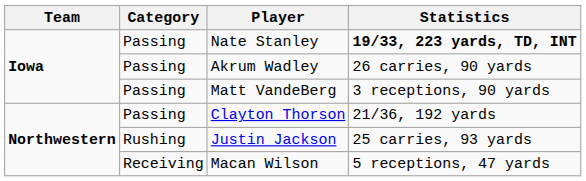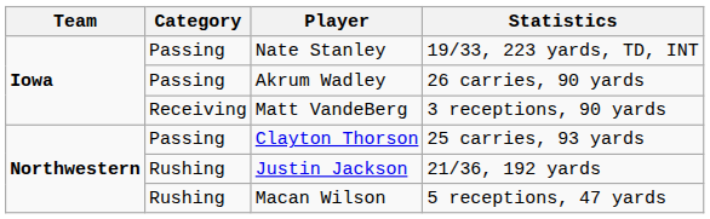 <table class="wikitable" style="float: left;">
 <tr>
 <th>Team</th>
 <th>Category</th>
 <th>Player</th>
 <th>Statistics</th>
 </tr>
 <tr>
 <td rowspan=3><strong>Iowa</strong></td>
 <td>Passing</td>
 <td>Nate Stanley</td>
-<td><strong>19/33, 223 yards, TD, INT</strong></td>
+<td>19/33, 223 yards, TD, INT</td>
 </tr>
 <tr>
 <td>Passing</td>
 <td>Akrum Wadley</td>
 <td>26 carries, 90 yards</td>
 </tr>
 <tr>
-<td>Passing</td>
+<td>Receiving</td>
 <td>Matt VandeBerg</td>
 <td>3 receptions, 90 yards</td>
 </tr>
 <tr>
 <td rowspan=3><strong>Northwestern</strong></td>
 <td>Passing</td>
 <td><a href='#'>Clayton Thorson</a></td>
+<td>25 carries, 93 yards</td>
+</tr>
+<tr>
+<td>Rushing</td>
+<td><a href='#'>Justin Jackson</a></td>
 <td>21/36, 192 yards</td>
 </tr>
 <tr>
 <td>Rushing</td>
-<td><a href='#'>Justin Jackson</a></td>
-<td>25 carries, 93 yards</td>
-</tr>
-<tr>
-<td>Receiving</td>
 <td>Macan Wilson</td>
 <td>5 receptions, 47 yards</td>
 </tr>
 </table>
